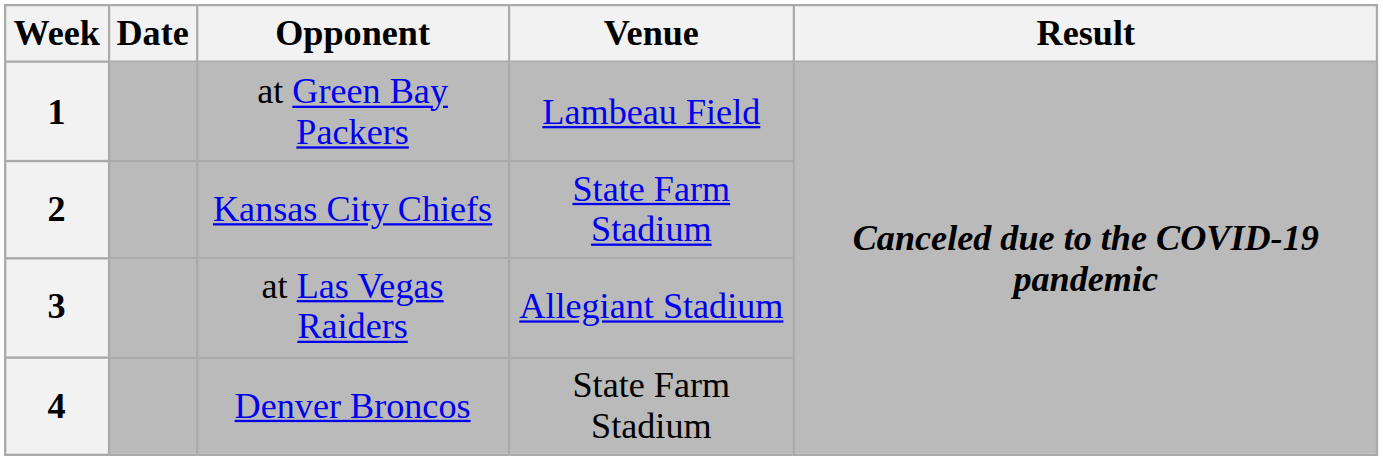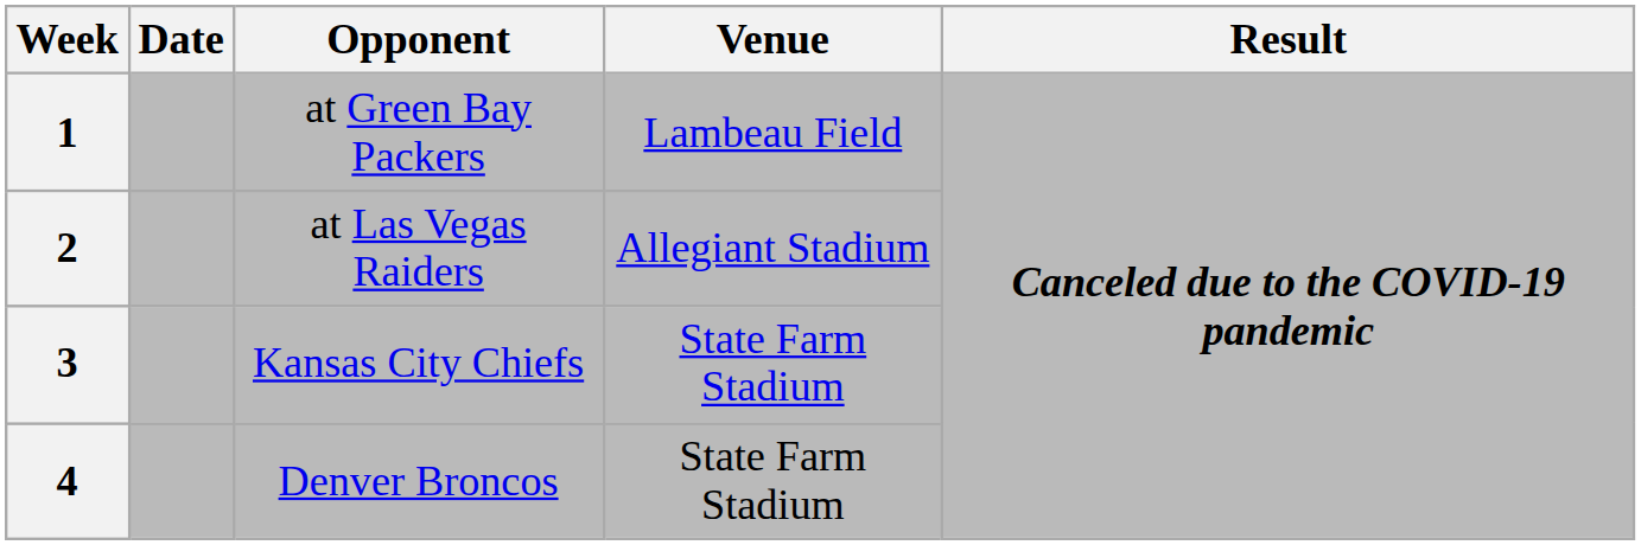 <table class="wikitable" style="text-align:center">
 <tr>
 <th>Week</th>
 <th>Date</th>
 <th>Opponent</th>
 <th>Venue</th>
 <th>Result</th>
 </tr>
 <tr style="background:#bababa">
 <th>1</th>
 <td></td>
 <td>at <a href='#'>Green Bay Packers</a></td>
 <td><a href='#'>Lambeau Field</a></td>
 <td rowspan=4><strong><em>Canceled due to the COVID-19 pandemic</em></strong></td>
 </tr>
 <tr style="background:#bababa">
 <th>2</th>
 <td></td>
-<td><a href='#'>Kansas City Chiefs</a></td>
-<td><a href='#'>State Farm Stadium</a></td>
+<td>at <a href='#'>Las Vegas Raiders</a></td>
+<td><a href='#'>Allegiant Stadium</a></td>
 </tr>
 <tr style="background:#bababa">
 <th>3</th>
 <td></td>
-<td>at <a href='#'>Las Vegas Raiders</a></td>
-<td><a href='#'>Allegiant Stadium</a></td>
+<td><a href='#'>Kansas City Chiefs</a></td>
+<td><a href='#'>State Farm Stadium</a></td>
 </tr>
 <tr style="background:#bababa">
 <th>4</th>
 <td></td>
 <td><a href='#'>Denver Broncos</a></td>
 <td>State Farm Stadium</td>
 </tr>
 </table>
